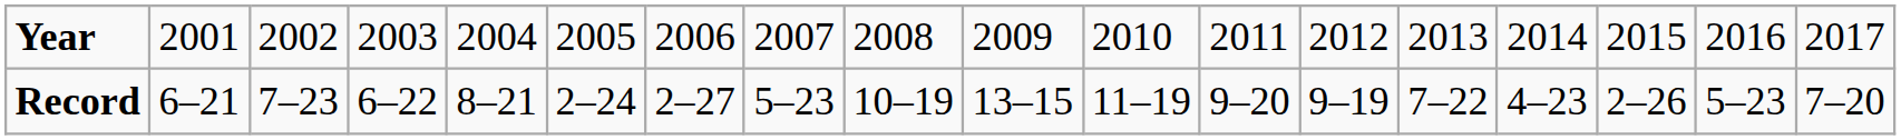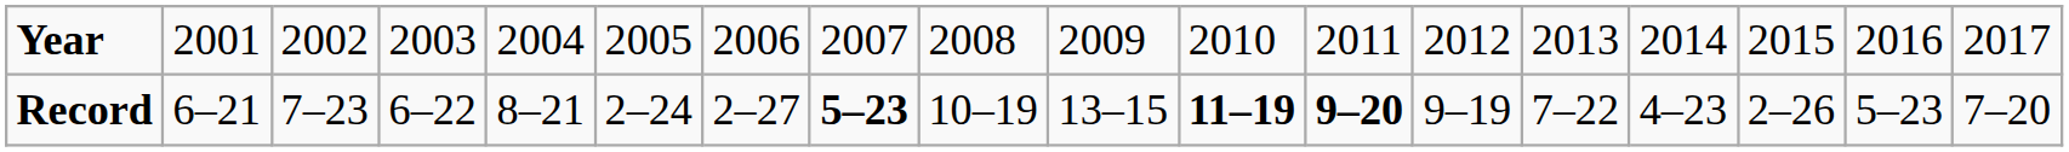 <table class="wikitable">
 <tr>
 <td><strong>Year</strong></td>
 <td>2001</td>
 <td>2002</td>
 <td>2003</td>
 <td>2004</td>
 <td>2005</td>
 <td>2006</td>
 <td>2007</td>
 <td>2008</td>
 <td>2009</td>
 <td>2010</td>
 <td>2011</td>
 <td>2012</td>
 <td>2013</td>
 <td>2014</td>
 <td>2015</td>
 <td>2016</td>
 <td>2017</td>
 </tr>
 <tr>
 <td><strong>Record</strong></td>
 <td>6–21</td>
 <td>7–23</td>
 <td>6–22</td>
 <td>8–21</td>
 <td>2–24</td>
 <td>2–27</td>
-<td>5–23</td>
+<td><strong>5–23</strong></td>
 <td>10–19</td>
 <td>13–15</td>
-<td>11–19</td>
-<td>9–20</td>
+<td><strong>11–19</strong></td>
+<td><strong>9–20</strong></td>
 <td>9–19</td>
 <td>7–22</td>
 <td>4–23</td>
 <td>2–26</td>
 <td>5–23</td>
 <td>7–20</td>
 </tr>
 </table>
